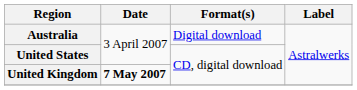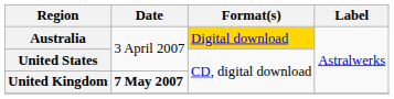 <table class="wikitable plainrowheaders unsortable">
 <tr>
 <th>Region</th>
 <th>Date</th>
 <th>Format(s)</th>
 <th>Label</th>
 </tr>
 <tr>
 <th scope="row">Australia</th>
 <td rowspan="2">3 April 2007</td>
-<td><a href='#'>Digital download</a></td>
+<td style="background: gold;"><a href='#'>Digital download</a></td>
 <td rowspan="3"><a href='#'>Astralwerks</a></td>
 </tr>
 <tr>
 <th scope="row">United States</th>
 <td rowspan="2"><a href='#'>CD</a>, digital download</td>
 </tr>
 <tr>
 <th scope="row">United Kingdom</th>
 <td><strong>7 May 2007</strong></td>
 </tr>
 <tr>
 </tr>
 </table>
